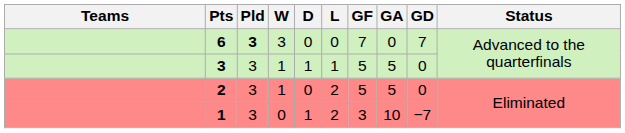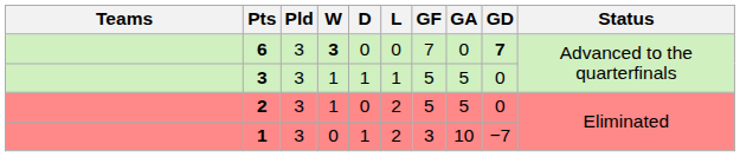 <table class=wikitable style="text-align:center">
 <tr>
 <th width=200>Teams</th>
 <th width=20>Pts</th>
 <th width=20>Pld</th>
 <th width=20>W</th>
 <th width=20>D</th>
 <th width=20>L</th>
 <th width=20>GF</th>
 <th width=20>GA</th>
 <th width=20>GD</th>
 <th width=181>Status</th>
 </tr>
 <tr bgcolor="#D0F0C0">
 <td style="text-align:left;"></td>
 <td><strong>6</strong></td>
+<td>3</td>
 <td><strong>3</strong></td>
-<td>3</td>
 <td>0</td>
 <td>0</td>
 <td>7</td>
 <td>0</td>
-<td>7</td>
+<td><strong>7</strong></td>
 <td rowspan=2>Advanced to the quarterfinals</td>
 </tr>
 <tr bgcolor="#D0F0C0">
 <td style="text-align:left;"></td>
 <td><strong>3</strong></td>
 <td>3</td>
 <td>1</td>
 <td>1</td>
 <td>1</td>
 <td>5</td>
 <td>5</td>
 <td>0</td>
 </tr>
 <tr bgcolor=#FF8888>
 <td style="text-align:left;"></td>
 <td><strong>2</strong></td>
 <td>3</td>
 <td>1</td>
 <td>0</td>
 <td>2</td>
 <td>5</td>
 <td>5</td>
 <td>0</td>
 <td rowspan=2>Eliminated</td>
 </tr>
 <tr bgcolor=#FF8888>
 <td style="text-align:left;"></td>
 <td><strong>1</strong></td>
 <td>3</td>
 <td>0</td>
 <td>1</td>
 <td>2</td>
 <td>3</td>
 <td>10</td>
 <td>−7</td>
 </tr>
 </table>
